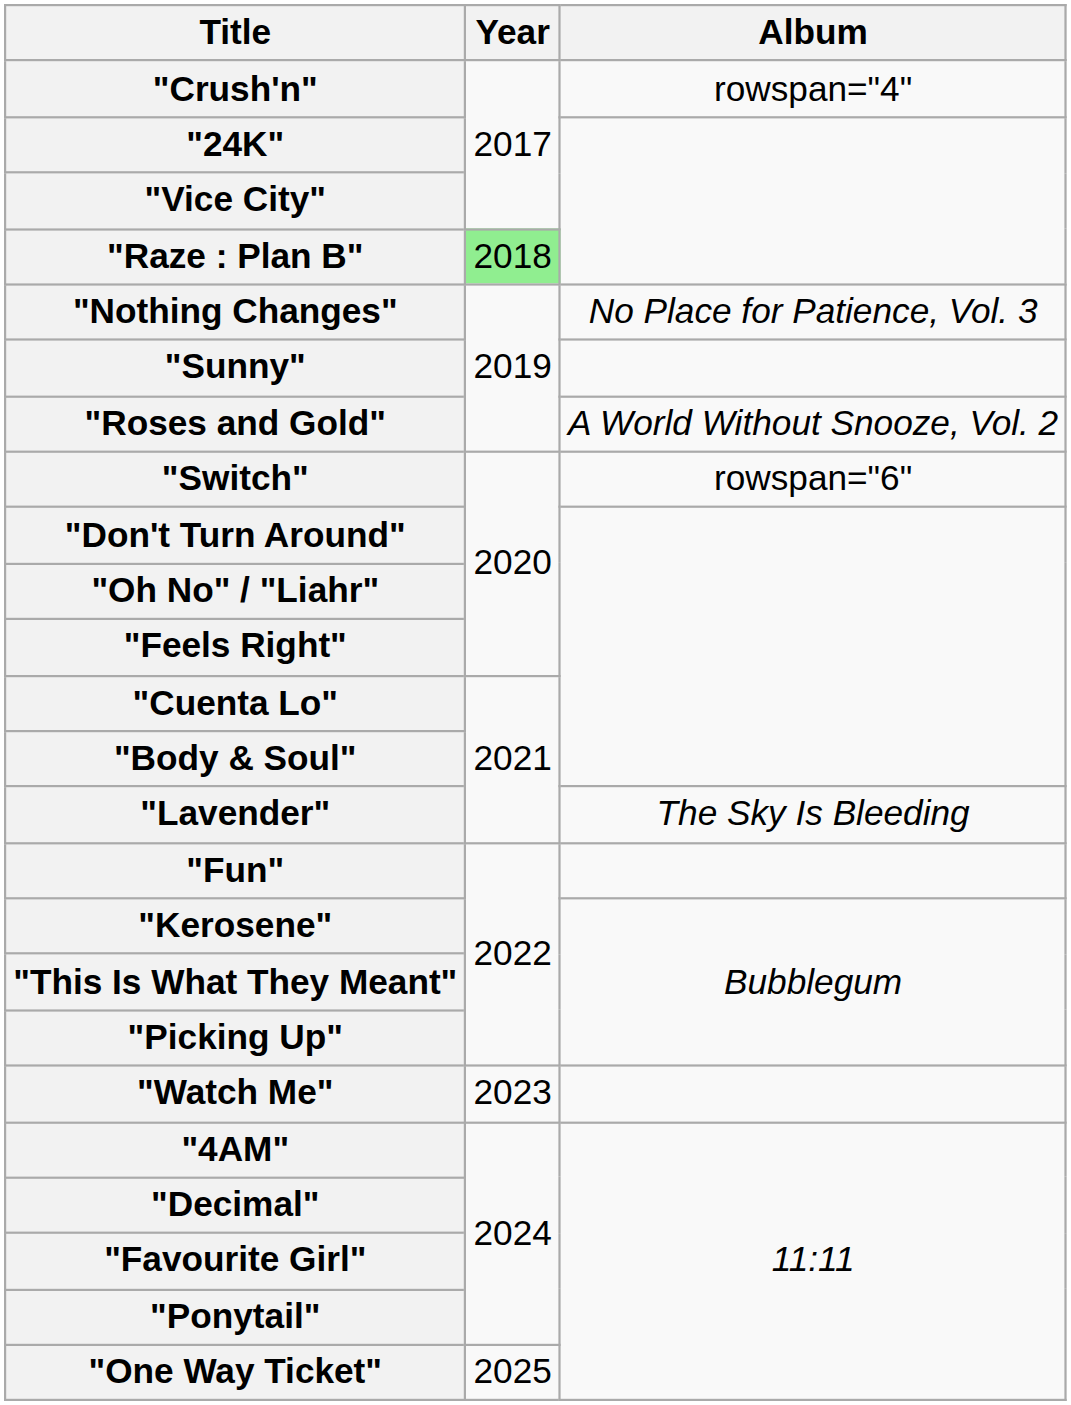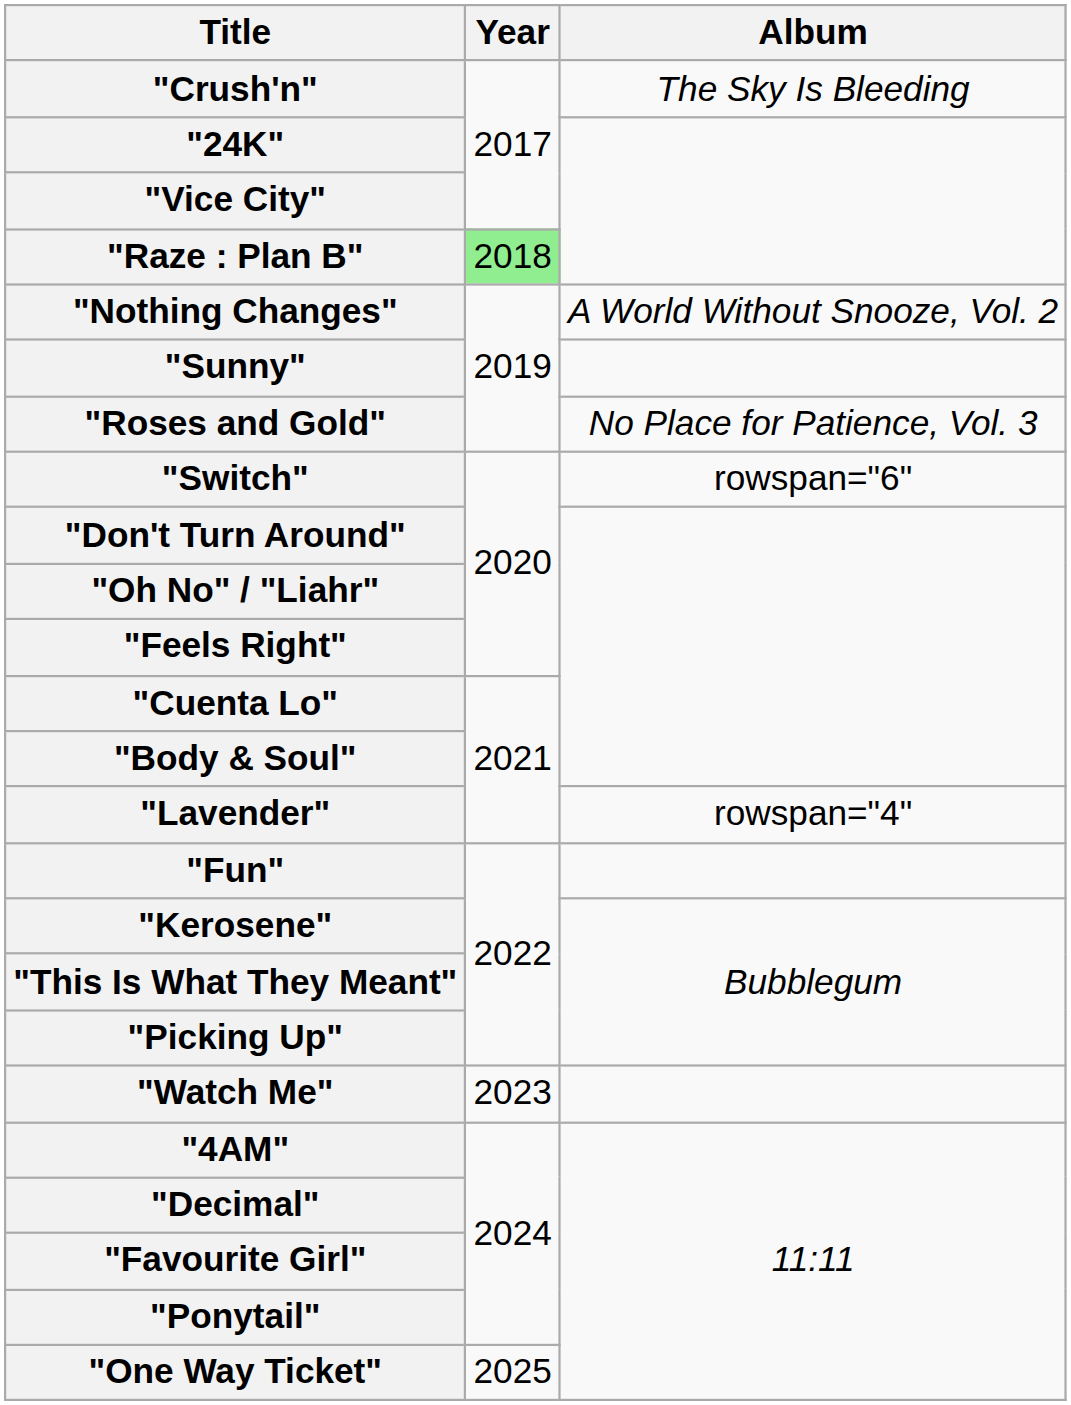 <table class="wikitable plainrowheaders" style="text-align:center;">
 <tr>
 <th scope="col">Title</th>
 <th scope="col">Year</th>
 <th scope="col">Album</th>
 </tr>
 <tr>
 <th scope="row">"Crush'n"</th>
 <td rowspan="3">2017</td>
-<td>rowspan="4" </td>
+<td><em>The Sky Is Bleeding</em></td>
 </tr>
 <tr>
 <th scope="row">"24K"</th>
 </tr>
 <tr>
 <th scope="row">"Vice City"</th>
 </tr>
 <tr>
 <th scope="row">"Raze : Plan B"<br></th>
 <td style="background: lightgreen;">2018</td>
 </tr>
 <tr>
 <th scope="row">"Nothing Changes"<br></th>
 <td rowspan="3">2019</td>
-<td><em>No Place for Patience, Vol. 3</em></td>
+<td><em>A World Without Snooze, Vol. 2</em></td>
 </tr>
 <tr>
 <th scope="row">"Sunny"</th>
 <td></td>
 </tr>
 <tr>
 <th scope="row">"Roses and Gold"</th>
-<td><em>A World Without Snooze, Vol. 2</em></td>
+<td><em>No Place for Patience, Vol. 3</em></td>
 </tr>
 <tr>
 <th scope="row">"Switch"</th>
 <td rowspan="4">2020</td>
 <td>rowspan="6" </td>
 </tr>
 <tr>
 <th scope="row">"Don't Turn Around"</th>
 </tr>
 <tr>
 <th scope="row">"Oh No" / "Liahr"</th>
 </tr>
 <tr>
 <th scope="row">"Feels Right"</th>
 </tr>
 <tr>
 <th scope="row">"Cuenta Lo"</th>
 <td rowspan="3">2021</td>
 </tr>
 <tr>
 <th scope="row">"Body & Soul"<br></th>
 </tr>
 <tr>
 <th scope="row">"Lavender"</th>
-<td><em>The Sky Is Bleeding</em></td>
+<td>rowspan="4" </td>
 </tr>
 <tr>
 <th scope="row">"Fun"</th>
 <td rowspan="4">2022</td>
 <td></td>
 </tr>
 <tr>
 <th scope="row">"Kerosene"</th>
 <td rowspan="3"><em>Bubblegum</em></td>
 </tr>
 <tr>
 <th scope="row">"This Is What They Meant"</th>
 </tr>
 <tr>
 <th scope="row">"Picking Up"<br></th>
 </tr>
 <tr>
 <th scope="row">"Watch Me"</th>
 <td rowspan="1">2023</td>
 <td></td>
 </tr>
 <tr>
 <th scope="row">"4AM"</th>
 <td rowspan="4">2024</td>
 <td rowspan="5"><em>11:11</em></td>
 </tr>
 <tr>
 <th scope="row">"Decimal"</th>
 </tr>
 <tr>
 <th scope="row">"Favourite Girl"</th>
 </tr>
 <tr>
 <th scope="row">"Ponytail"</th>
 </tr>
 <tr>
 <th scope="row">"One Way Ticket"</th>
 <td rowspan="1">2025</td>
 </tr>
 </table>
